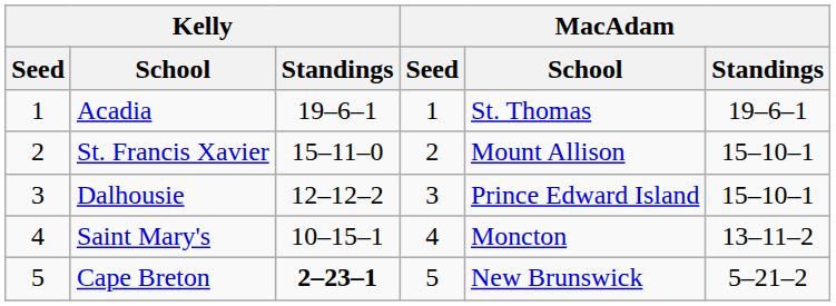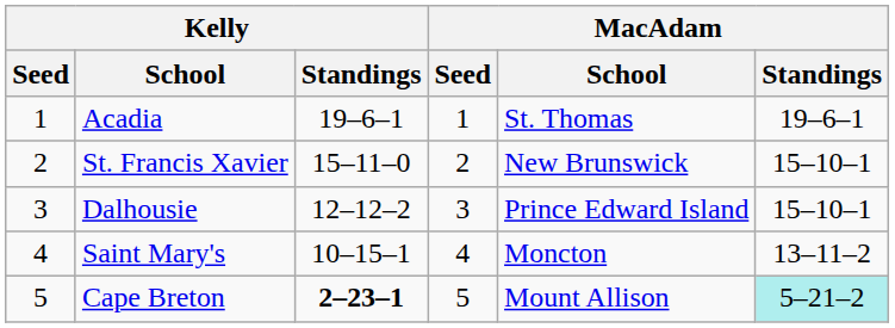 <table class="wikitable">
 <tr>
 <th colspan=3>Kelly</th>
 <th colspan=3>MacAdam</th>
 </tr>
 <tr>
 <th>Seed</th>
 <th>School</th>
 <th>Standings</th>
 <th>Seed</th>
 <th>School</th>
 <th>Standings</th>
 </tr>
 <tr>
 <td align=center>1</td>
 <td><a href='#'>Acadia</a></td>
 <td align=center>19–6–1</td>
 <td align=center>1</td>
 <td><a href='#'>St. Thomas</a></td>
 <td align=center>19–6–1</td>
 </tr>
 <tr>
 <td align=center>2</td>
 <td><a href='#'>St. Francis Xavier</a></td>
 <td align=center>15–11–0</td>
 <td align=center>2</td>
-<td><a href='#'>Mount Allison</a></td>
+<td><a href='#'>New Brunswick</a></td>
 <td align=center>15–10–1</td>
 </tr>
 <tr>
 <td align=center>3</td>
 <td><a href='#'>Dalhousie</a></td>
 <td align=center>12–12–2</td>
 <td align=center>3</td>
 <td><a href='#'>Prince Edward Island</a></td>
 <td align=center>15–10–1</td>
 </tr>
 <tr>
 <td align=center>4</td>
 <td><a href='#'>Saint Mary's</a></td>
 <td align=center>10–15–1</td>
 <td align=center>4</td>
 <td><a href='#'>Moncton</a></td>
 <td align=center>13–11–2</td>
 </tr>
 <tr>
 <td align=center>5</td>
 <td><a href='#'>Cape Breton</a></td>
 <td align=center><strong>2–23–1</strong></td>
 <td align=center>5</td>
-<td><a href='#'>New Brunswick</a></td>
-<td align=center>5–21–2</td>
+<td><a href='#'>Mount Allison</a></td>
+<td align=center style="background: paleturquoise;">5–21–2</td>
 </tr>
 </table>
